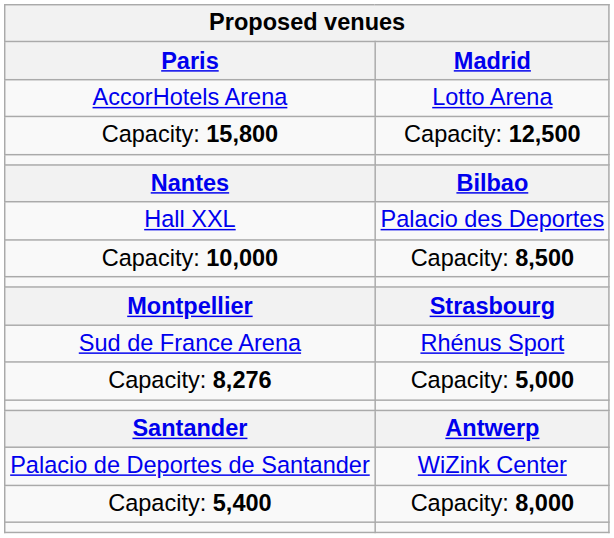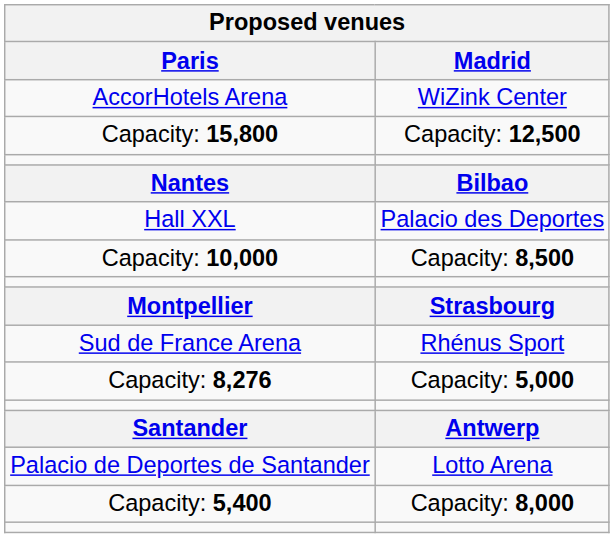 <table class="wikitable" style="text-align:center">
 <tr>
 <th colspan="2"><strong>Proposed venues</strong></th>
 </tr>
 <tr>
 <th> <a href='#'>Paris</a></th>
 <th> <a href='#'>Madrid</a></th>
 </tr>
 <tr>
 <td><a href='#'>AccorHotels Arena</a></td>
-<td><a href='#'>Lotto Arena</a></td>
+<td><a href='#'>WiZink Center</a></td>
 </tr>
 <tr>
 <td>Capacity: <strong>15,800</strong></td>
 <td>Capacity: <strong>12,500</strong></td>
 </tr>
 <tr>
 <td></td>
 <td></td>
 </tr>
 <tr>
 <th> <a href='#'>Nantes</a></th>
 <th> <a href='#'>Bilbao</a></th>
 </tr>
 <tr>
 <td><a href='#'>Hall XXL</a></td>
 <td><a href='#'>Palacio des Deportes</a></td>
 </tr>
 <tr>
 <td>Capacity: <strong>10,000</strong></td>
 <td>Capacity: <strong>8,500</strong></td>
 </tr>
 <tr>
 <td></td>
 <td></td>
 </tr>
 <tr>
 <th> <a href='#'>Montpellier</a></th>
 <th> <a href='#'>Strasbourg</a></th>
 </tr>
 <tr>
 <td><a href='#'>Sud de France Arena</a></td>
 <td><a href='#'>Rhénus Sport</a></td>
 </tr>
 <tr>
 <td>Capacity: <strong>8,276</strong></td>
 <td>Capacity: <strong>5,000</strong></td>
 </tr>
 <tr>
 <td></td>
 <td></td>
 </tr>
 <tr>
 <th> <a href='#'>Santander</a></th>
 <th> <a href='#'>Antwerp</a></th>
 </tr>
 <tr>
 <td><a href='#'>Palacio de Deportes de Santander</a></td>
-<td><a href='#'>WiZink Center</a></td>
+<td><a href='#'>Lotto Arena</a></td>
 </tr>
 <tr>
 <td>Capacity: <strong>5,400</strong></td>
 <td>Capacity: <strong>8,000</strong></td>
 </tr>
 <tr>
 <td></td>
 <td></td>
 </tr>
 </table>
